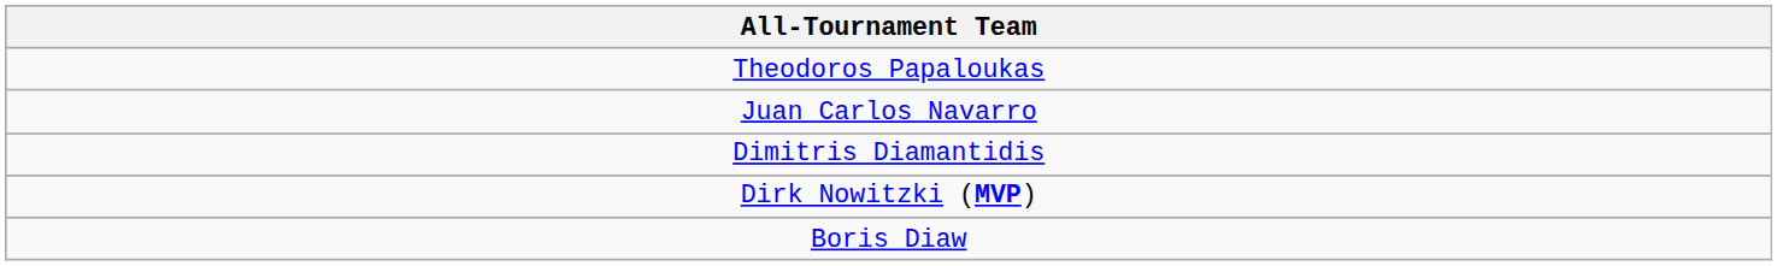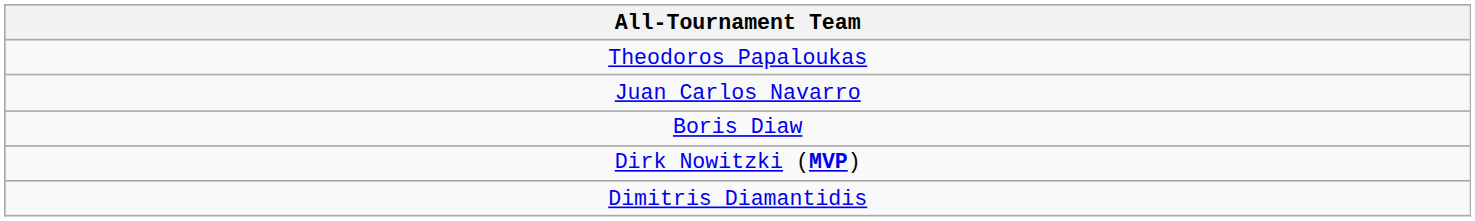 <table class="wikitable sortable" style="text-align:center; width: 100%">
 <tr>
 <th>All-Tournament Team</th>
 </tr>
 <tr>
 <td> <a href='#'>Theodoros Papaloukas</a></td>
 </tr>
 <tr>
 <td> <a href='#'>Juan Carlos Navarro</a></td>
 </tr>
 <tr>
-<td> <a href='#'>Dimitris Diamantidis</a></td>
+<td> <a href='#'>Boris Diaw</a></td>
 </tr>
 <tr>
 <td> <a href='#'>Dirk Nowitzki</a> (<strong><a href='#'>MVP</a></strong>)</td>
 </tr>
 <tr>
-<td> <a href='#'>Boris Diaw</a></td>
+<td> <a href='#'>Dimitris Diamantidis</a></td>
 </tr>
 </table>
